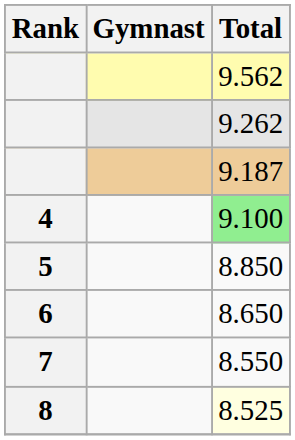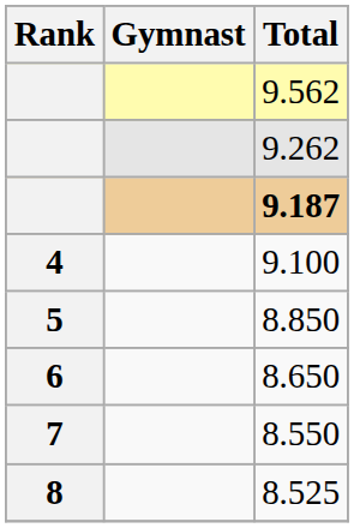 <table class="wikitable sortable" style="text-align:center; font-size:95%">
 <tr>
 <th scope=col>Rank</th>
 <th scope=col>Gymnast</th>
 <th scope=col>Total</th>
 </tr>
 <tr bgcolor=fffcaf>
 <th scope=row style="text-align:center"></th>
 <td align=left></td>
 <td>9.562</td>
 </tr>
 <tr bgcolor=e5e5e5>
 <th scope=row style="text-align:center"></th>
 <td align=left></td>
 <td>9.262</td>
 </tr>
 <tr bgcolor=eecc99>
 <th scope=row style="text-align:center"></th>
 <td align=left></td>
-<td>9.187</td>
+<td><strong>9.187</strong></td>
 </tr>
 <tr>
 <th scope=row style="text-align:center">4</th>
 <td align=left></td>
-<td style="background: lightgreen;">9.100</td>
+<td>9.100</td>
 </tr>
 <tr>
 <th scope=row style="text-align:center">5</th>
 <td align=left></td>
 <td>8.850</td>
 </tr>
 <tr>
 <th scope=row style="text-align:center">6</th>
 <td align=left></td>
 <td>8.650</td>
 </tr>
 <tr>
 <th scope=row style="text-align:center">7</th>
 <td align=left></td>
 <td>8.550</td>
 </tr>
 <tr>
 <th scope=row style="text-align:center">8</th>
 <td align=left></td>
-<td style="background: lightyellow;">8.525</td>
+<td>8.525</td>
 </tr>
 <tr>
 </tr>
 </table>
